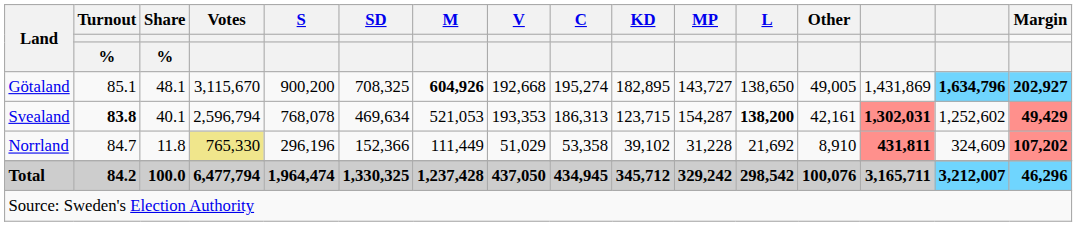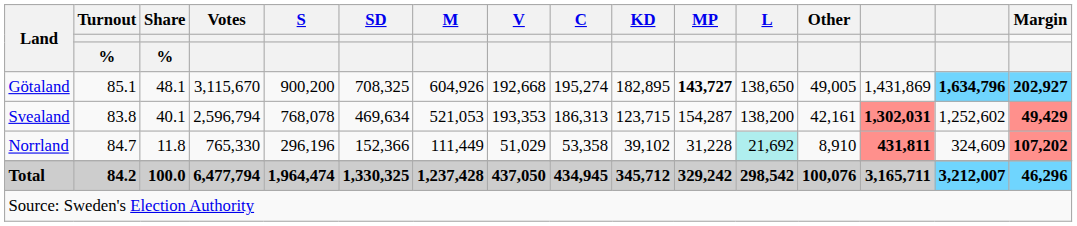 <table class="wikitable sortable" style="text-align:right; font-size:95%; line-height:20px;">
 <tr>
 <th rowspan="3">Land</th>
 <th>Turnout</th>
 <th>Share</th>
 <th>Votes</th>
 <th width="30px" class="unsortable"><a href='#'>S</a></th>
 <th width="30px" class="unsortable"><a href='#'>SD</a></th>
 <th width="30px" class="unsortable"><a href='#'>M</a></th>
 <th width="30px" class="unsortable"><a href='#'>V</a></th>
 <th width="30px" class="unsortable"><a href='#'>C</a></th>
 <th width="30px" class="unsortable"><a href='#'>KD</a></th>
 <th width="30px" class="unsortable"><a href='#'>MP</a></th>
 <th width="30px" class="unsortable"><a href='#'>L</a></th>
 <th width="30px" class="unsortable">Other</th>
 <th></th>
 <th></th>
 <th>Margin</th>
 </tr>
 <tr>
 <th></th>
 <th></th>
 <th></th>
 <th style="background:"></th>
 <th style="background:"></th>
 <th style="background:"></th>
 <th style="background:"></th>
 <th style="background:"></th>
 <th style="background:"></th>
 <th style="background:"></th>
 <th style="background:"></th>
 <th style="background:"></th>
 <th style="background:"></th>
 <th style="background:"></th>
 </tr>
 <tr>
 <th data-sort-type="number">%</th>
 <th data-sort-type="number">%</th>
 <th></th>
 <th data-sort-type="number"></th>
 <th data-sort-type="number"></th>
 <th data-sort-type="number"></th>
 <th data-sort-type="number"></th>
 <th data-sort-type="number"></th>
 <th data-sort-type="number"></th>
 <th data-sort-type="number"></th>
 <th data-sort-type="number"></th>
 <th data-sort-type="number"></th>
 <th data-sort-type="number"></th>
 <th data-sort-type="number"></th>
 <th data-sort-type="number"></th>
 </tr>
 <tr>
 <td align="left"><a href='#'>Götaland</a></td>
 <td>85.1</td>
 <td>48.1</td>
 <td>3,115,670</td>
 <td>900,200</td>
 <td>708,325</td>
-<td><strong>604,926</strong></td>
+<td>604,926</td>
 <td>192,668</td>
 <td>195,274</td>
 <td>182,895</td>
-<td>143,727</td>
+<td><strong>143,727</strong></td>
 <td>138,650</td>
 <td>49,005</td>
 <td>1,431,869</td>
 <td bgcolor=#6fd5fe><strong>1,634,796</strong></td>
 <td bgcolor=#6fd5fe><strong>202,927</strong></td>
 </tr>
 <tr>
 <td align="left"><a href='#'>Svealand</a></td>
-<td><strong>83.8</strong></td>
+<td>83.8</td>
 <td>40.1</td>
 <td>2,596,794</td>
 <td>768,078</td>
 <td>469,634</td>
 <td>521,053</td>
 <td>193,353</td>
 <td>186,313</td>
 <td>123,715</td>
 <td>154,287</td>
-<td><strong>138,200</strong></td>
+<td>138,200</td>
 <td>42,161</td>
 <td bgcolor=#ff908c><strong>1,302,031</strong></td>
 <td>1,252,602</td>
 <td bgcolor=#ff908c><strong>49,429</strong></td>
 </tr>
 <tr>
 <td align="left"><a href='#'>Norrland</a></td>
 <td>84.7</td>
 <td>11.8</td>
-<td style="background: khaki;">765,330</td>
+<td>765,330</td>
 <td>296,196</td>
 <td>152,366</td>
 <td>111,449</td>
 <td>51,029</td>
 <td>53,358</td>
 <td>39,102</td>
 <td>31,228</td>
-<td>21,692</td>
+<td style="background: paleturquoise;">21,692</td>
 <td>8,910</td>
 <td bgcolor=#ff908c><strong>431,811</strong></td>
 <td>324,609</td>
 <td bgcolor=#ff908c><strong>107,202</strong></td>
 </tr>
 <tr>
 </tr>
 <tr style="background:#CDCDCD;">
 <td align="left"><strong>Total</strong></td>
 <td><strong>84.2</strong></td>
 <td><strong>100.0</strong></td>
 <td><strong>6,477,794</strong></td>
 <td><strong>1,964,474</strong></td>
 <td><strong>1,330,325</strong></td>
 <td><strong>1,237,428</strong></td>
 <td><strong>437,050</strong></td>
 <td><strong>434,945</strong></td>
 <td><strong>345,712</strong></td>
 <td><strong>329,242</strong></td>
 <td><strong>298,542</strong></td>
 <td><strong>100,076</strong></td>
 <td><strong>3,165,711</strong></td>
 <td bgcolor=#6fd5fe><strong>3,212,007</strong></td>
 <td bgcolor=#6fd5fe><strong>46,296</strong></td>
 </tr>
 <tr>
 <td colspan="16" align="left">Source: Sweden's <a href='#'>Election Authority</a></td>
 </tr>
 </table>
